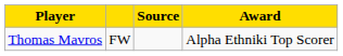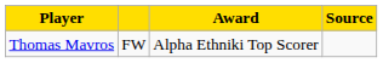 <table class="wikitable">
 <tr>
 <th style="background:#FFDE00">Player</th>
 <th style="background:#FFDE00"></th>
+<th style="background:#FFDE00">Award</th>
 <th style="background:#FFDE00">Source</th>
-<th style="background:#FFDE00">Award</th>
 </tr>
 <tr>
 <td> <a href='#'>Thomas Mavros</a></td>
 <td align="center">FW</td>
+<td align="center">Alpha Ethniki Top Scorer</td>
 <td align="center"></td>
-<td align="center">Alpha Ethniki Top Scorer</td>
 </tr>
 </table>
